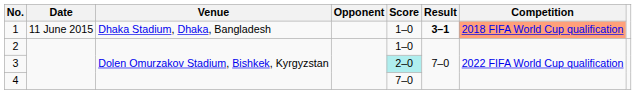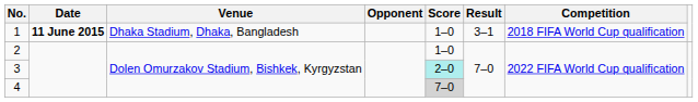 <table class="wikitable sortable">
 <tr>
 <th scope="col">No.</th>
 <th scope="col">Date</th>
 <th scope="col">Venue</th>
 <th scope="col">Opponent</th>
 <th scope="col">Score</th>
 <th scope="col">Result</th>
 <th scope="col">Competition</th>
 </tr>
 <tr>
 <td align="center">1</td>
-<td>11 June 2015</td>
+<td><strong>11 June 2015</strong></td>
 <td><a href='#'>Dhaka Stadium</a>, <a href='#'>Dhaka</a>, Bangladesh</td>
 <td></td>
 <td align="center">1–0</td>
-<td align="center"><strong>3–1</strong></td>
-<td style="background: lightsalmon;"><a href='#'>2018 FIFA World Cup qualification</a></td>
+<td align="center">3–1</td>
+<td><a href='#'>2018 FIFA World Cup qualification</a></td>
 </tr>
 <tr>
 <td align="center">2</td>
 <td rowspan="3"></td>
 <td rowspan="3"><a href='#'>Dolen Omurzakov Stadium</a>, <a href='#'>Bishkek</a>, Kyrgyzstan</td>
 <td rowspan="3"></td>
 <td align="center">1–0</td>
 <td rowspan="3" style="text-align:center">7–0</td>
 <td rowspan="3"><a href='#'>2022 FIFA World Cup qualification</a></td>
 <td rowspan="3"></td>
 </tr>
 <tr>
 <td align="center">3</td>
 <td align="center" style="background: paleturquoise;">2–0</td>
 </tr>
 <tr>
 <td align="center">4</td>
-<td align="center">7–0</td>
+<td align="center" style="background: lightgrey;">7–0</td>
 </tr>
 </table>
